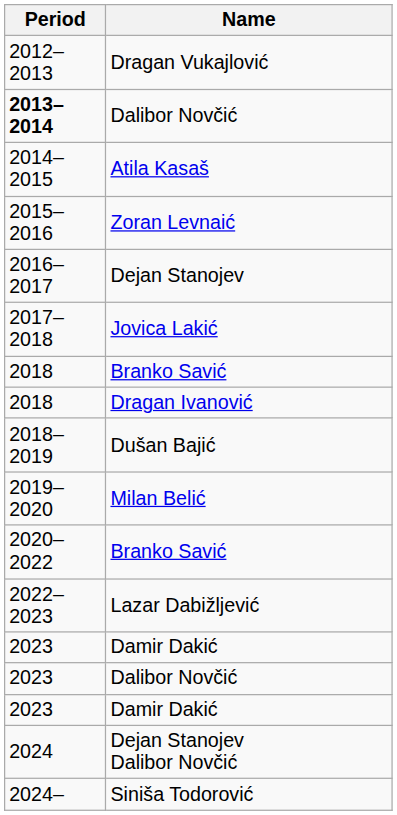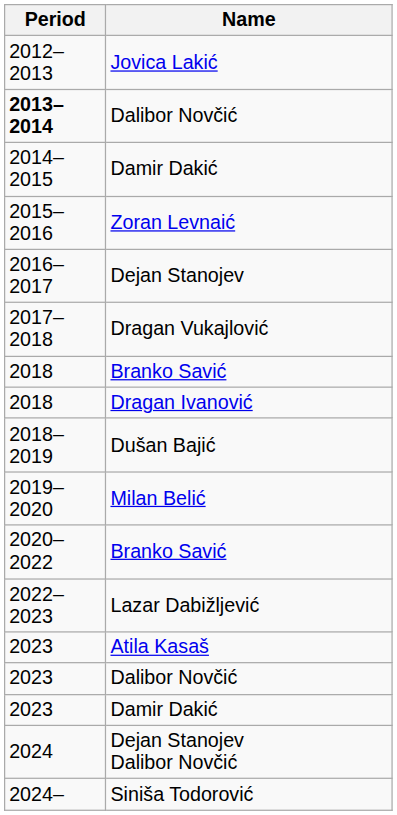 <table class="wikitable">
 <tr>
 <th width="75">Period</th>
 <th width="225">Name</th>
 </tr>
 <tr>
 <td>2012–2013</td>
-<td> Dragan Vukajlović</td>
+<td> <a href='#'>Jovica Lakić</a></td>
 </tr>
 <tr>
 <td><strong>2013–2014</strong></td>
 <td> Dalibor Novčić</td>
 </tr>
 <tr>
 <td>2014–2015</td>
-<td> <a href='#'>Atila Kasaš</a></td>
+<td> Damir Dakić</td>
 </tr>
 <tr>
 <td>2015–2016</td>
 <td> <a href='#'>Zoran Levnaić</a></td>
 </tr>
 <tr>
 <td>2016–2017</td>
 <td> Dejan Stanojev</td>
 </tr>
 <tr>
 <td>2017–2018</td>
-<td> <a href='#'>Jovica Lakić</a></td>
+<td> Dragan Vukajlović</td>
 </tr>
 <tr>
 <td>2018</td>
 <td> <a href='#'>Branko Savić</a></td>
 </tr>
 <tr>
 <td>2018</td>
 <td> <a href='#'>Dragan Ivanović</a></td>
 </tr>
 <tr>
 <td>2018–2019</td>
 <td> Dušan Bajić</td>
 </tr>
 <tr>
 <td>2019–2020</td>
 <td> <a href='#'>Milan Belić</a></td>
 </tr>
 <tr>
 <td>2020–2022</td>
 <td> <a href='#'>Branko Savić</a></td>
 </tr>
 <tr>
 <td>2022–2023</td>
 <td> Lazar Dabižljević</td>
 </tr>
 <tr>
 <td>2023</td>
-<td> Damir Dakić</td>
+<td> <a href='#'>Atila Kasaš</a></td>
 </tr>
 <tr>
 <td>2023</td>
 <td> Dalibor Novčić</td>
 </tr>
 <tr>
 <td>2023</td>
 <td> Damir Dakić</td>
 </tr>
 <tr>
 <td>2024</td>
 <td> Dejan Stanojev<br> Dalibor Novčić</td>
 </tr>
 <tr>
 <td>2024–</td>
 <td> Siniša Todorović</td>
 </tr>
 </table>
